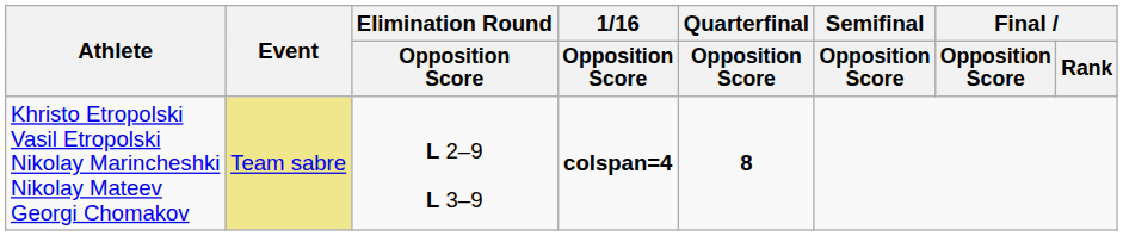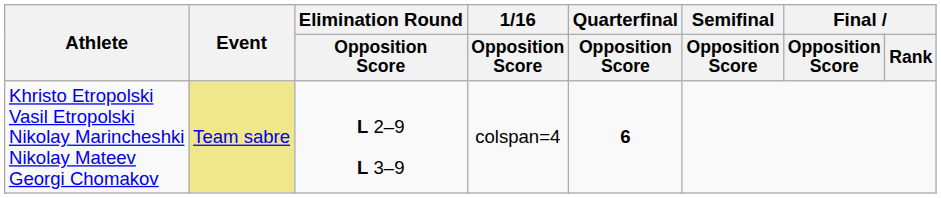 <table class="wikitable" style="font-size:90%">
 <tr>
 <th rowspan="2">Athlete</th>
 <th rowspan="2">Event</th>
 <th>Elimination Round</th>
 <th>1/16</th>
 <th>Quarterfinal</th>
 <th>Semifinal</th>
 <th colspan=2>Final / </th>
 </tr>
 <tr style="font-size:95%">
 <th>Opposition <br> Score</th>
 <th>Opposition <br> Score</th>
 <th>Opposition <br> Score</th>
 <th>Opposition <br> Score</th>
 <th>Opposition <br> Score</th>
 <th>Rank</th>
 </tr>
 <tr align=center>
 <td align=left><a href='#'>Khristo Etropolski</a><br><a href='#'>Vasil Etropolski</a><br><a href='#'>Nikolay Marincheshki</a><br><a href='#'>Nikolay Mateev</a><br><a href='#'>Georgi Chomakov</a></td>
 <td align=left style="background: khaki;"><a href='#'>Team sabre</a></td>
 <td><br><strong>L</strong> 2–9<br><br><strong>L</strong> 3–9</td>
-<td><strong>colspan=4 </strong></td>
-<td><strong>8</strong></td>
+<td>colspan=4 </td>
+<td><strong>6</strong></td>
 </tr>
 </table>
